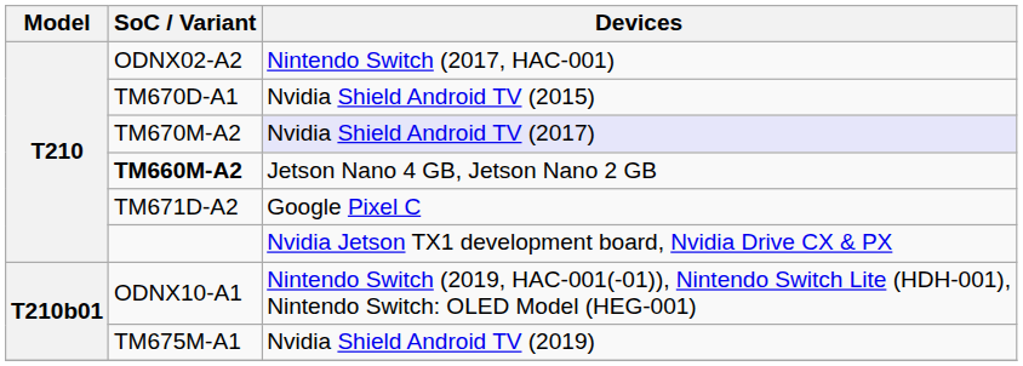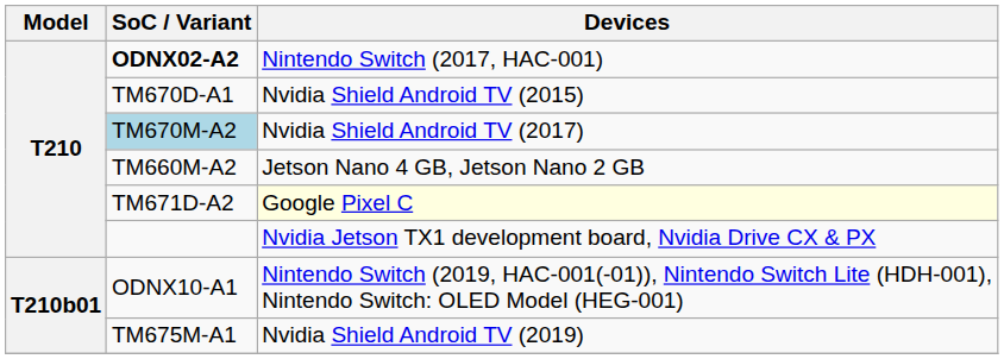 <table class="wikitable">
 <tr>
 <th>Model</th>
 <th>SoC / Variant</th>
 <th>Devices</th>
 </tr>
 <tr>
 <th rowspan="6">T210</th>
-<td>ODNX02-A2</td>
+<td><strong>ODNX02-A2</strong></td>
 <td><a href='#'>Nintendo Switch</a> (2017, HAC-001) </td>
 </tr>
 <tr>
 <td>TM670D-A1</td>
 <td>Nvidia <a href='#'>Shield Android TV</a> (2015)</td>
 </tr>
 <tr>
-<td>TM670M-A2</td>
-<td style="background: lavender;">Nvidia <a href='#'>Shield Android TV</a> (2017)</td>
+<td style="background: lightblue;">TM670M-A2</td>
+<td>Nvidia <a href='#'>Shield Android TV</a> (2017)</td>
 </tr>
 <tr>
-<td><strong>TM660M-A2</strong></td>
+<td>TM660M-A2</td>
 <td>Jetson Nano 4 GB, Jetson Nano 2 GB</td>
 </tr>
 <tr>
 <td>TM671D-A2</td>
-<td>Google <a href='#'>Pixel C</a></td>
+<td style="background: lightyellow;">Google <a href='#'>Pixel C</a></td>
 </tr>
 <tr>
 <td></td>
 <td><a href='#'>Nvidia Jetson</a> TX1 development board, <a href='#'>Nvidia Drive CX & PX</a></td>
 </tr>
 <tr>
 <th rowspan="2">T210b01</th>
 <td>ODNX10-A1</td>
 <td><a href='#'>Nintendo Switch</a> (2019, HAC-001(-01)), <a href='#'>Nintendo Switch Lite</a> (HDH-001), <br>Nintendo Switch: OLED Model (HEG-001)</td>
 </tr>
 <tr>
 <td>TM675M-A1</td>
 <td>Nvidia <a href='#'>Shield Android TV</a> (2019)</td>
 </tr>
 <tr>
 </tr>
 </table>
